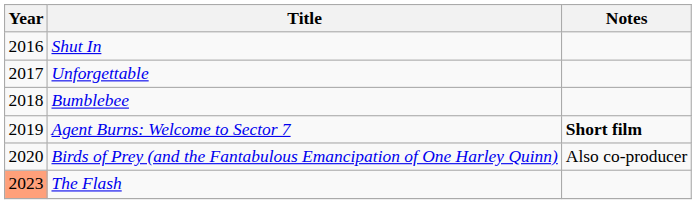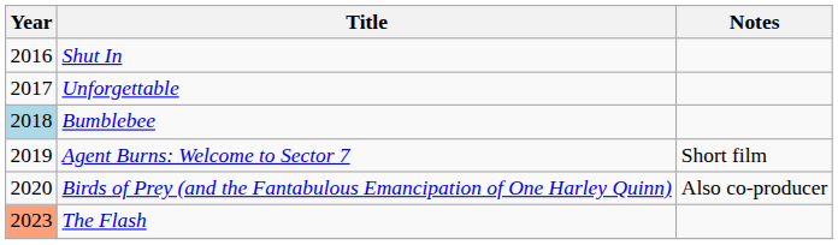 <table class="wikitable" style="margin-right: 0;">
 <tr>
 <th>Year</th>
 <th>Title</th>
 <th>Notes</th>
 </tr>
 <tr>
 <td>2016</td>
 <td><em><a href='#'>Shut In</a></em></td>
 <td></td>
 </tr>
 <tr>
 <td>2017</td>
 <td><em><a href='#'>Unforgettable</a></em></td>
 <td></td>
 </tr>
 <tr>
-<td>2018</td>
+<td style="background: lightblue;">2018</td>
 <td><em><a href='#'>Bumblebee</a></em></td>
 <td></td>
 </tr>
 <tr>
 <td>2019</td>
 <td><a href='#'><em>Agent Burns: Welcome to Sector 7</em></a></td>
-<td><strong>Short film</strong></td>
+<td>Short film</td>
 </tr>
 <tr>
 <td>2020</td>
 <td><em><a href='#'>Birds of Prey (and the Fantabulous Emancipation of One Harley Quinn)</a></em></td>
 <td>Also co-producer</td>
 </tr>
 <tr>
 <td style="background: lightsalmon;">2023</td>
 <td><em><a href='#'>The Flash</a></em></td>
 <td></td>
 </tr>
 <tr>
 </tr>
 </table>
